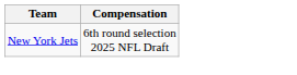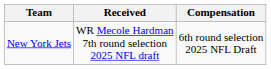 <table class="wikitable sortable" style="text-align:center">
 <tr>
 <th>Team</th>
+<th>Received</th>
 <th>Compensation</th>
 </tr>
 <tr>
 <td><a href='#'>New York Jets</a></td>
+<td>WR <a href='#'>Mecole Hardman</a><br>7th round selection<br><a href='#'>2025 NFL draft</a></td>
 <td>6th round selection<br>2025 NFL Draft</td>
 </tr>
 </table>
